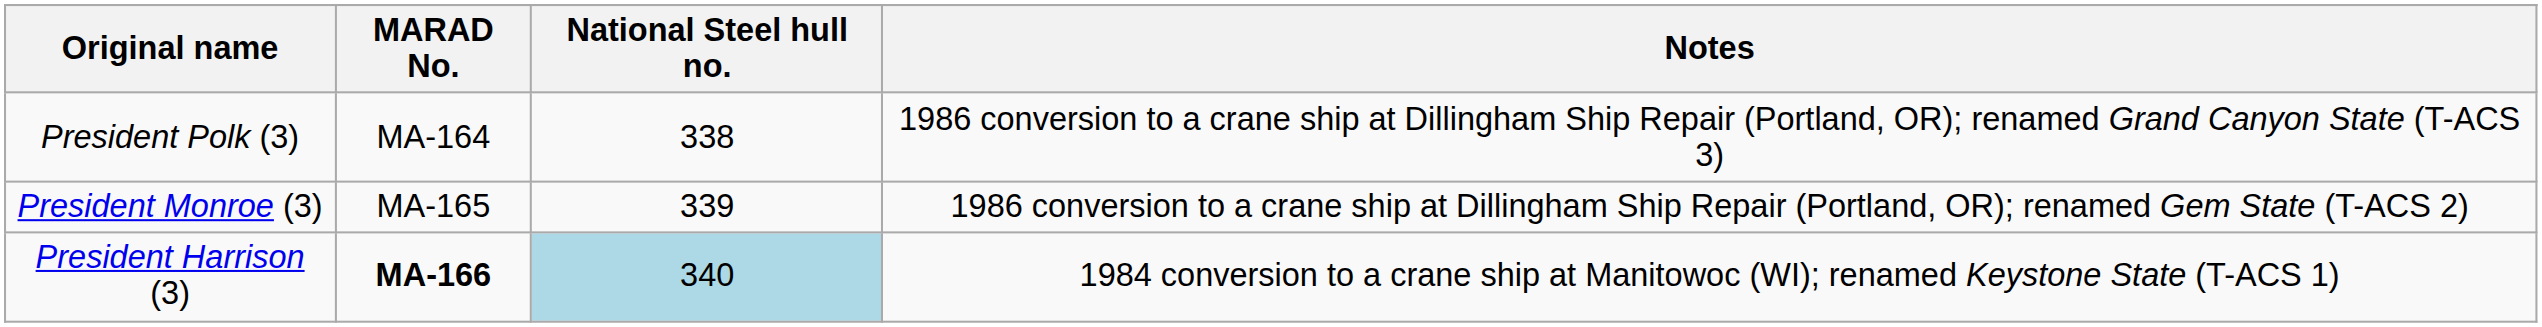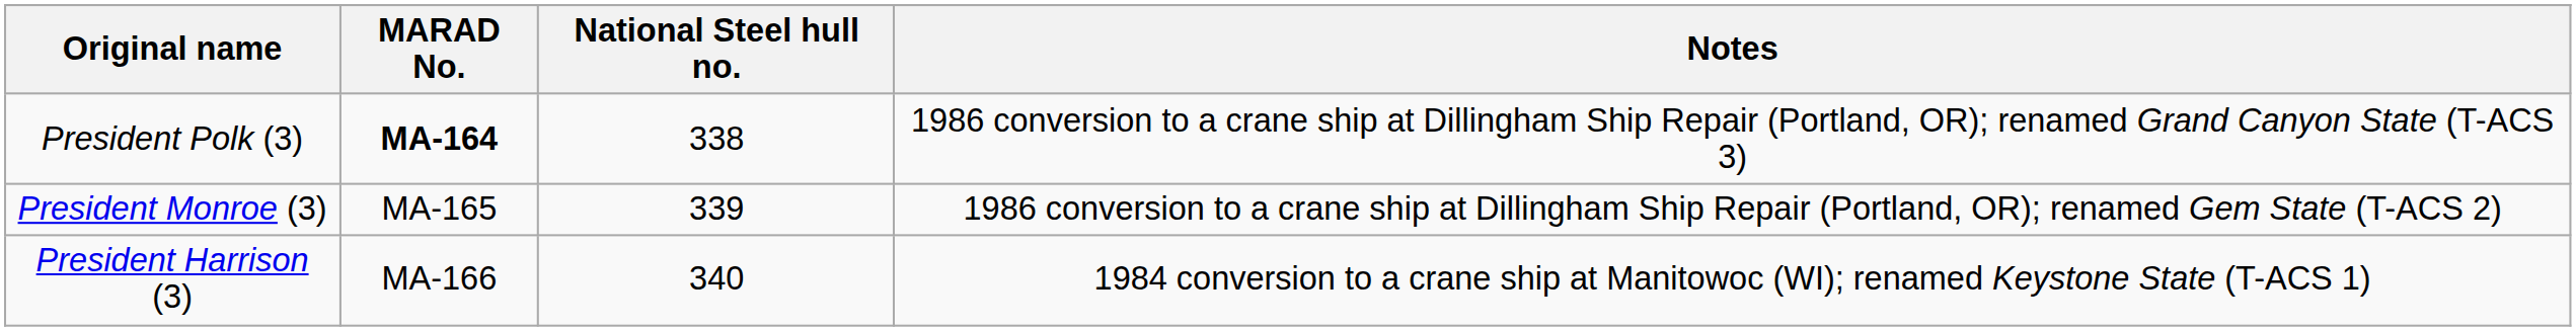 <table class="wikitable" style="text-align:center">
 <tr>
 </tr>
 <tr>
 <th>Original name</th>
 <th>MARAD No.</th>
 <th>National Steel hull no.</th>
 <th>Notes</th>
 </tr>
 <tr>
 <td><em>President Polk</em> (3)</td>
-<td>MA-164</td>
+<td><strong>MA-164</strong></td>
 <td>338 </td>
 <td>1986 conversion to a crane ship at Dillingham Ship Repair (Portland, OR); renamed <em>Grand Canyon State</em> (T-ACS 3)</td>
 </tr>
 <tr>
 <td><a href='#'><em>President Monroe</em></a> (3)</td>
 <td>MA-165</td>
 <td>339 </td>
 <td>1986 conversion to a crane ship at Dillingham Ship Repair (Portland, OR);  renamed <em>Gem State</em> (T-ACS 2)</td>
 </tr>
 <tr>
 <td><a href='#'><em>President Harrison</em></a> (3)</td>
-<td><strong>MA-166</strong></td>
-<td style="background: lightblue;">340 </td>
+<td>MA-166</td>
+<td>340 </td>
 <td>1984 conversion to a crane ship at Manitowoc (WI); renamed <em>Keystone State</em> (T-ACS 1)</td>
 </tr>
 </table>
